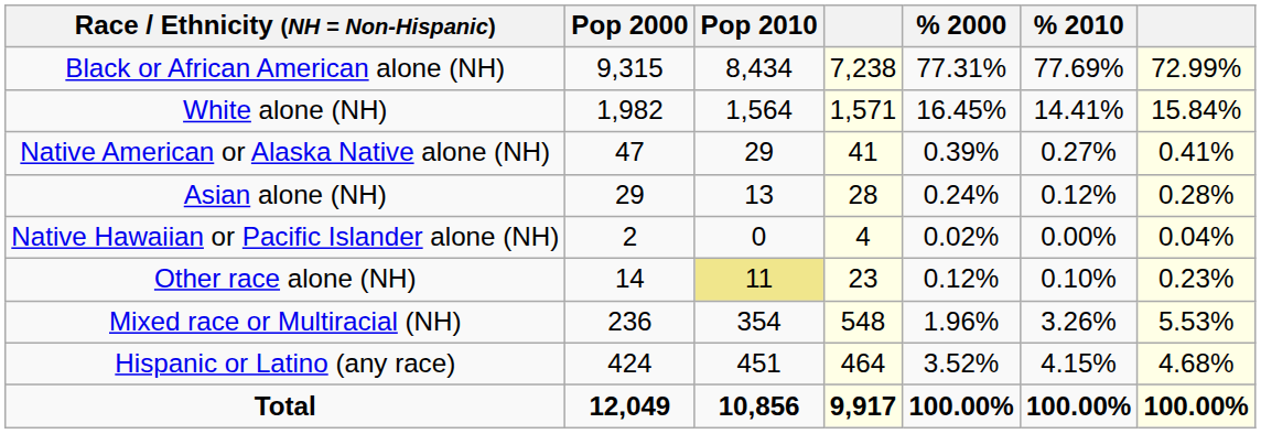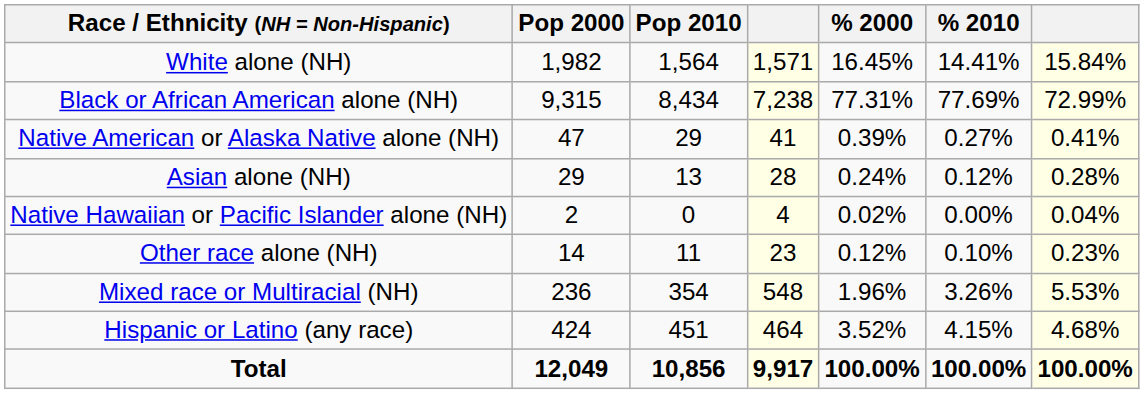 <table class="wikitable" style="text-align:center;">
 <tr>
 <th>Race / Ethnicity <small>(<em>NH = Non-Hispanic</em>)</small></th>
 <th>Pop 2000</th>
 <th>Pop 2010</th>
 <th></th>
 <th>% 2000</th>
 <th>% 2010</th>
 <th></th>
 </tr>
 <tr>
+<td><a href='#'>White</a> alone (NH)</td>
+<td>1,982</td>
+<td>1,564</td>
+<td style='background: #ffffe6;'>1,571</td>
+<td>16.45%</td>
+<td>14.41%</td>
+<td style='background: #ffffe6;'>15.84%</td>
+</tr>
+<tr>
 <td><a href='#'>Black or African American</a> alone (NH)</td>
 <td>9,315</td>
 <td>8,434</td>
 <td style='background: #ffffe6;'>7,238</td>
 <td>77.31%</td>
 <td>77.69%</td>
 <td style='background: #ffffe6;'>72.99%</td>
-</tr>
-<tr>
-<td><a href='#'>White</a> alone (NH)</td>
-<td>1,982</td>
-<td>1,564</td>
-<td style='background: #ffffe6;'>1,571</td>
-<td>16.45%</td>
-<td>14.41%</td>
-<td style='background: #ffffe6;'>15.84%</td>
 </tr>
 <tr>
 <td><a href='#'>Native American</a> or <a href='#'>Alaska Native</a> alone (NH)</td>
 <td>47</td>
 <td>29</td>
 <td style='background: #ffffe6;'>41</td>
 <td>0.39%</td>
 <td>0.27%</td>
 <td style='background: #ffffe6;'>0.41%</td>
 </tr>
 <tr>
 <td><a href='#'>Asian</a> alone (NH)</td>
 <td>29</td>
 <td>13</td>
 <td style='background: #ffffe6;'>28</td>
 <td>0.24%</td>
 <td>0.12%</td>
 <td style='background: #ffffe6;'>0.28%</td>
 </tr>
 <tr>
 <td><a href='#'>Native Hawaiian</a> or <a href='#'>Pacific Islander</a> alone (NH)</td>
 <td>2</td>
 <td>0</td>
 <td style='background: #ffffe6;'>4</td>
 <td>0.02%</td>
 <td>0.00%</td>
 <td style='background: #ffffe6;'>0.04%</td>
 </tr>
 <tr>
 <td><a href='#'>Other race</a> alone (NH)</td>
 <td>14</td>
-<td style="background: khaki;">11</td>
+<td>11</td>
 <td style='background: #ffffe6;'>23</td>
 <td>0.12%</td>
 <td>0.10%</td>
 <td style='background: #ffffe6;'>0.23%</td>
 </tr>
 <tr>
 <td><a href='#'>Mixed race or Multiracial</a> (NH)</td>
 <td>236</td>
 <td>354</td>
 <td style='background: #ffffe6;'>548</td>
 <td>1.96%</td>
 <td>3.26%</td>
 <td style='background: #ffffe6;'>5.53%</td>
 </tr>
 <tr>
 <td><a href='#'>Hispanic or Latino</a> (any race)</td>
 <td>424</td>
 <td>451</td>
 <td style='background: #ffffe6;'>464</td>
 <td>3.52%</td>
 <td>4.15%</td>
 <td style='background: #ffffe6;'>4.68%</td>
 </tr>
 <tr>
 <td><strong>Total</strong></td>
 <td><strong>12,049</strong></td>
 <td><strong>10,856</strong></td>
 <td style='background: #ffffe6;'><strong>9,917</strong></td>
 <td><strong>100.00%</strong></td>
 <td><strong>100.00%</strong></td>
 <td style='background: #ffffe6;'><strong>100.00%</strong></td>
 </tr>
 </table>
